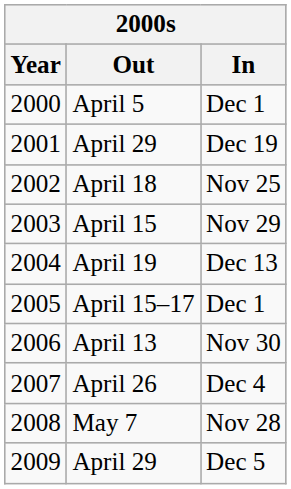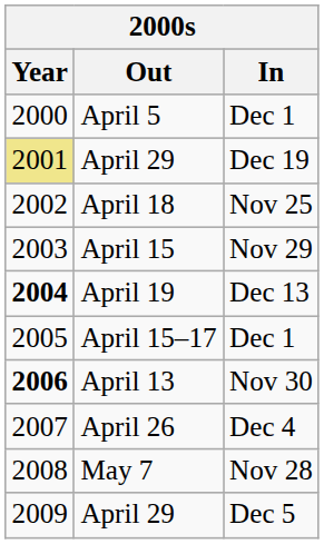 <table class="wikitable">
 <tr>
 <th colspan="3">2000s</th>
 </tr>
 <tr>
 <th>Year</th>
 <th>Out</th>
 <th>In</th>
 </tr>
 <tr>
 <td>2000</td>
 <td>April 5</td>
 <td>Dec 1</td>
 </tr>
 <tr>
-<td>2001</td>
+<td style="background: khaki;">2001</td>
 <td>April 29</td>
 <td>Dec 19</td>
 </tr>
 <tr>
 <td>2002</td>
 <td>April 18</td>
 <td>Nov 25</td>
 </tr>
 <tr>
 <td>2003</td>
 <td>April 15</td>
 <td>Nov 29</td>
 </tr>
 <tr>
-<td>2004</td>
+<td><strong>2004</strong></td>
 <td>April 19</td>
 <td>Dec 13</td>
 </tr>
 <tr>
 <td>2005</td>
 <td>April 15–17</td>
 <td>Dec 1</td>
 </tr>
 <tr>
-<td>2006</td>
+<td><strong>2006</strong></td>
 <td>April 13</td>
 <td>Nov 30</td>
 </tr>
 <tr>
 <td>2007</td>
 <td>April 26</td>
 <td>Dec 4</td>
 </tr>
 <tr>
 <td>2008</td>
 <td>May 7</td>
 <td>Nov 28</td>
 </tr>
 <tr>
 <td>2009</td>
 <td>April 29</td>
 <td>Dec 5</td>
 </tr>
 </table>
